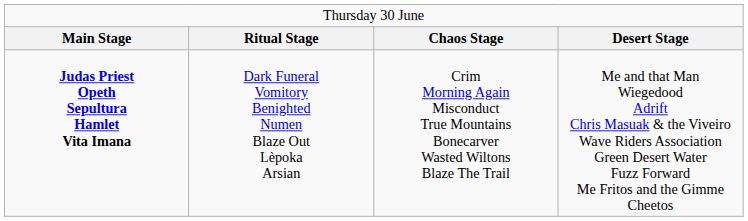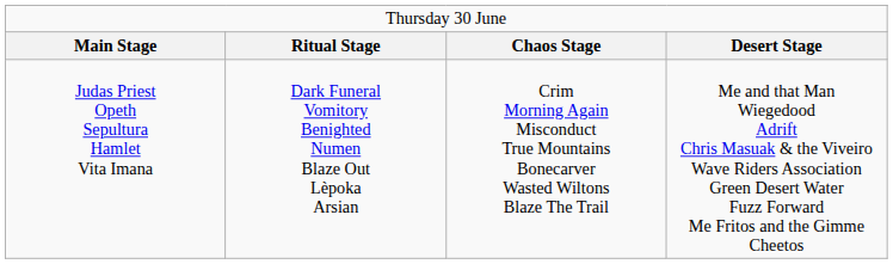 <table class="wikitable">
 <tr>
 <td colspan="4" style="text-align:center;">Thursday 30 June</td>
 </tr>
 <tr>
 <th>Main Stage</th>
 <th>Ritual Stage</th>
 <th>Chaos Stage</th>
 <th>Desert Stage</th>
 </tr>
 <tr>
-<td style="text-align:center; vertical-align:top; width:200px;"><strong><br><a href='#'>Judas Priest</a> <br> <a href='#'>Opeth</a> <br> <a href='#'>Sepultura</a> <br> <a href='#'>Hamlet</a> <br> Vita Imana</strong></td>
+<td style="text-align:center; vertical-align:top; width:200px;"><br><a href='#'>Judas Priest</a> <br> <a href='#'>Opeth</a> <br> <a href='#'>Sepultura</a> <br> <a href='#'>Hamlet</a> <br> Vita Imana</td>
 <td style="text-align:center; vertical-align:top; width:200px;"><br><a href='#'>Dark Funeral</a> <br> <a href='#'>Vomitory</a> <br> <a href='#'>Benighted</a> <br> <a href='#'>Numen</a> <br> Blaze Out <br> Lèpoka <br> Arsian</td>
 <td style="text-align:center; vertical-align:top; width:200px;"><br>Crim <br> <a href='#'>Morning Again</a> <br> Misconduct <br> True Mountains <br> Bonecarver <br> Wasted Wiltons <br> Blaze The Trail</td>
 <td style="text-align:center; vertical-align:top; width:200px;"><br>Me and that Man <br> Wiegedood <br> <a href='#'>Adrift</a> <br> <a href='#'>Chris Masuak</a> & the Viveiro Wave Riders Association <br> Green Desert Water <br> Fuzz Forward <br> Me Fritos and the Gimme Cheetos</td>
 </tr>
 </table>
